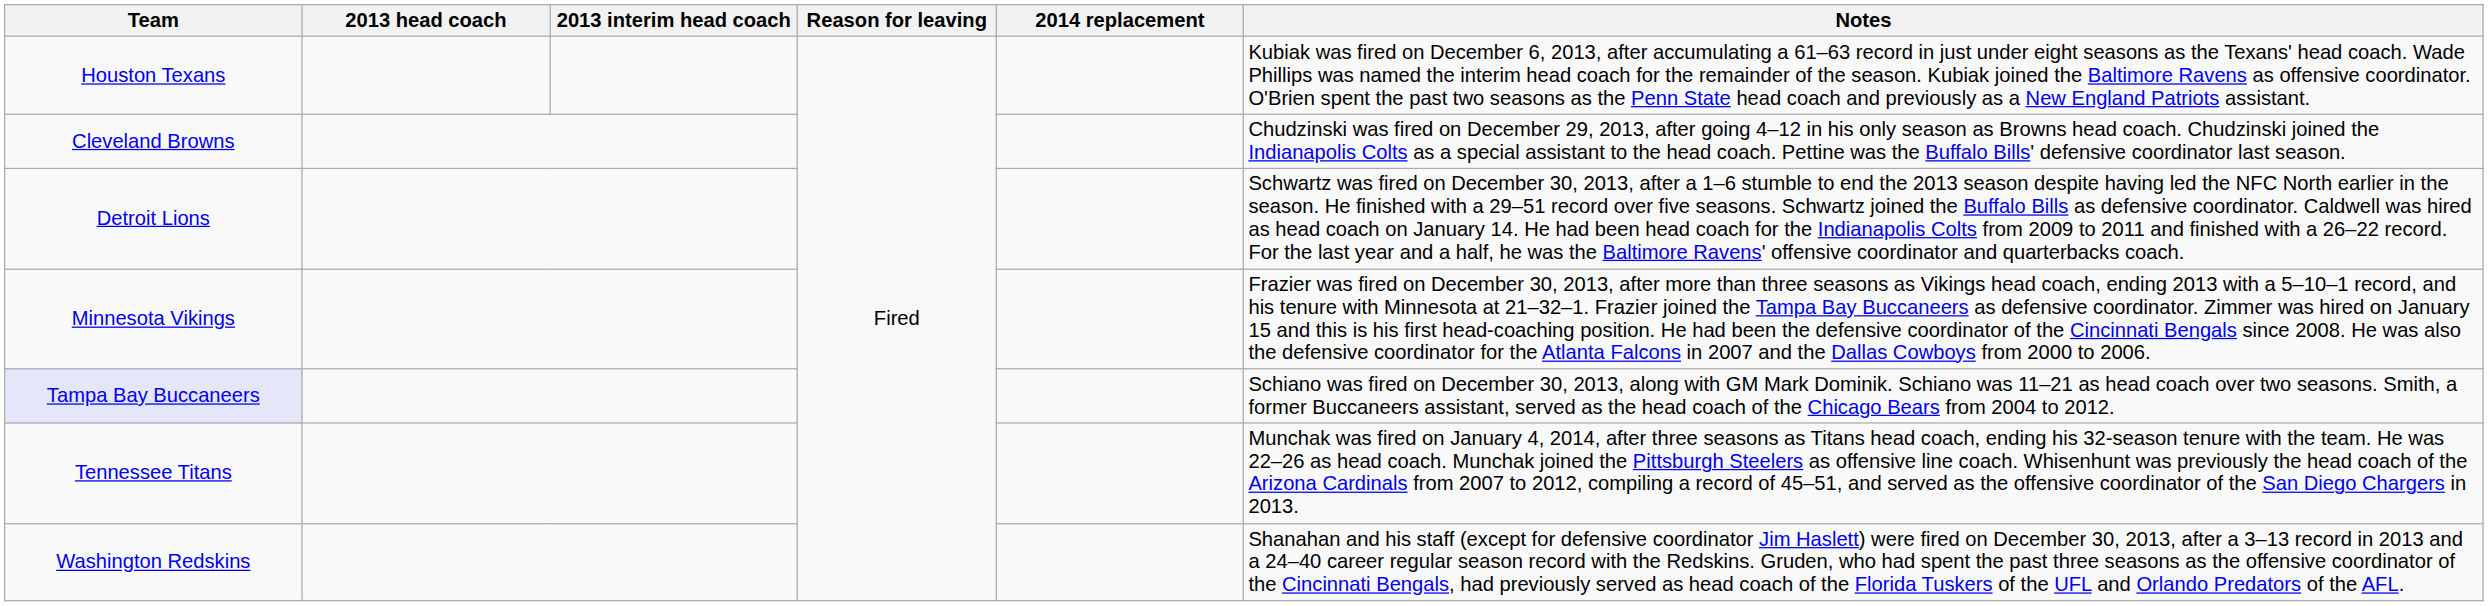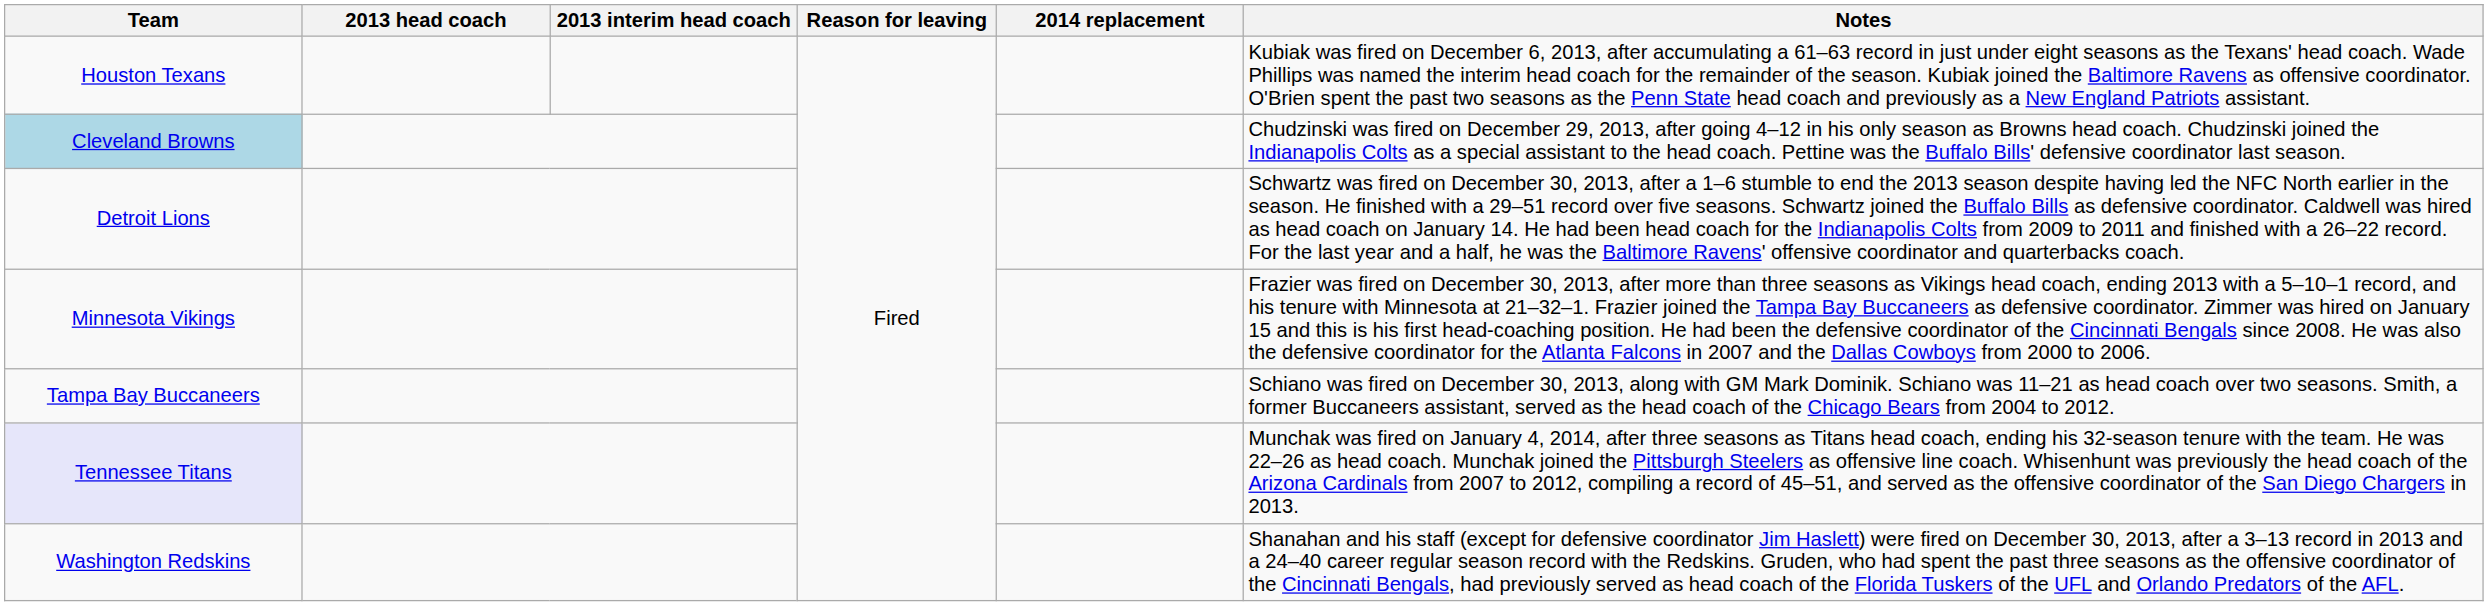 <table class="wikitable sortable">
 <tr>
 <th style="width:12%;">Team</th>
 <th style="width:10%;">2013 head coach<br></th>
 <th style="width:10%;">2013 interim head coach</th>
 <th style="width:8%;">Reason for leaving</th>
 <th style="width:10%;">2014 replacement</th>
 <th class="unsortable">Notes</th>
 </tr>
 <tr>
 <td style="text-align:center;"><a href='#'>Houston Texans</a></td>
 <td style="text-align:center;"></td>
 <td style="text-align:center;"></td>
 <td rowspan="7" style="text-align:center;">Fired</td>
 <td style="text-align:center;"></td>
 <td>Kubiak was fired on December 6, 2013, after accumulating a 61–63 record in just under eight seasons as the Texans' head coach. Wade Phillips was named the interim head coach for the remainder of the  season. Kubiak joined the <a href='#'>Baltimore Ravens</a> as offensive coordinator. O'Brien spent the past two seasons as the <a href='#'>Penn State</a> head coach and previously as a <a href='#'>New England Patriots</a> assistant.</td>
 </tr>
 <tr>
-<td style="text-align:center;"><a href='#'>Cleveland Browns</a></td>
+<td style="background: lightblue; text-align:center;"><a href='#'>Cleveland Browns</a></td>
 <td colspan="2" style="text-align:center;"></td>
 <td style="text-align:center;"></td>
 <td>Chudzinski was fired on December 29, 2013, after going 4–12 in his only season as Browns head coach. Chudzinski joined the <a href='#'>Indianapolis Colts</a> as a special assistant to the head coach. Pettine was the <a href='#'>Buffalo Bills</a>' defensive coordinator last season.</td>
 </tr>
 <tr>
 <td style="text-align:center;"><a href='#'>Detroit Lions</a></td>
 <td colspan="2" style="text-align:center;"></td>
 <td style="text-align:center;"></td>
 <td>Schwartz was fired on December 30, 2013, after a 1–6 stumble to end the 2013 season despite having led the NFC North earlier in the season.  He finished with a 29–51 record over five seasons. Schwartz joined the <a href='#'>Buffalo Bills</a> as defensive coordinator.  Caldwell was hired as head coach on January 14.  He had been head coach for the <a href='#'>Indianapolis Colts</a> from 2009 to 2011 and finished with a 26–22 record.  For the last year and a half, he was the <a href='#'>Baltimore Ravens</a>' offensive coordinator and quarterbacks coach.</td>
 </tr>
 <tr>
 <td style="text-align:center;"><a href='#'>Minnesota Vikings</a></td>
 <td colspan="2" style="text-align:center;"></td>
 <td style="text-align:center;"></td>
 <td>Frazier was fired on December 30, 2013, after more than three seasons as Vikings head coach, ending 2013 with a 5–10–1 record, and his tenure with Minnesota at 21–32–1. Frazier joined the <a href='#'>Tampa Bay Buccaneers</a> as defensive coordinator. Zimmer was hired on January 15 and this is his first head-coaching position.  He had been the defensive coordinator of the <a href='#'>Cincinnati Bengals</a> since 2008.  He was also the defensive coordinator for the <a href='#'>Atlanta Falcons</a> in 2007 and the <a href='#'>Dallas Cowboys</a> from 2000 to 2006.</td>
 </tr>
 <tr>
-<td style="background: lavender; text-align:center;"><a href='#'>Tampa Bay Buccaneers</a></td>
+<td style="text-align:center;"><a href='#'>Tampa Bay Buccaneers</a></td>
 <td colspan="2" style="text-align:center;"></td>
 <td style="text-align:center;"></td>
 <td>Schiano was fired on December 30, 2013, along with GM Mark Dominik. Schiano was 11–21 as head coach over two seasons. Smith, a former Buccaneers assistant, served as the head coach of the <a href='#'>Chicago Bears</a> from 2004 to 2012.</td>
 </tr>
 <tr>
-<td style="text-align:center;"><a href='#'>Tennessee Titans</a></td>
+<td style="background: lavender; text-align:center;"><a href='#'>Tennessee Titans</a></td>
 <td colspan="2" style="text-align:center;"></td>
 <td style="text-align:center;"></td>
 <td>Munchak was fired on January 4, 2014, after three seasons as Titans head coach, ending his 32-season tenure with the team.  He was 22–26 as head coach. Munchak joined the <a href='#'>Pittsburgh Steelers</a> as offensive line coach. Whisenhunt was previously the head coach of the <a href='#'>Arizona Cardinals</a> from 2007 to 2012, compiling a record of 45–51, and served as the offensive coordinator of the <a href='#'>San Diego Chargers</a> in 2013.</td>
 </tr>
 <tr>
 <td style="text-align:center;"><a href='#'>Washington Redskins</a></td>
 <td colspan="2" style="text-align:center;"></td>
 <td style="text-align:center;"></td>
 <td>Shanahan and his staff (except for defensive coordinator <a href='#'>Jim Haslett</a>) were fired on December 30, 2013, after a 3–13 record in 2013 and a 24–40 career regular season record with the Redskins. Gruden, who had spent the past three seasons as the offensive coordinator of the <a href='#'>Cincinnati Bengals</a>, had previously served as head coach of the <a href='#'>Florida Tuskers</a> of the <a href='#'>UFL</a> and <a href='#'>Orlando Predators</a> of the <a href='#'>AFL</a>.</td>
 </tr>
 </table>
